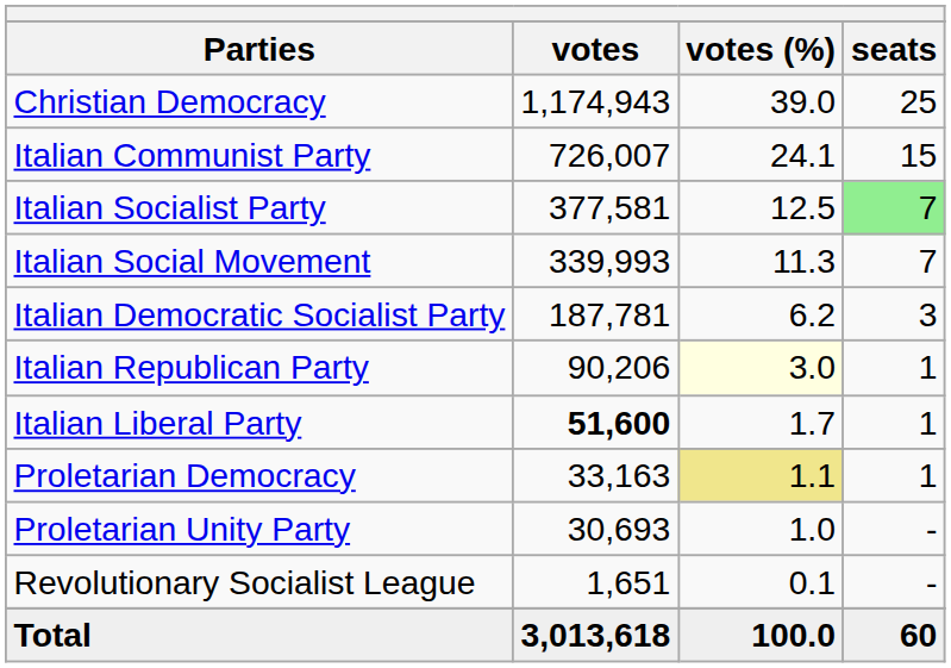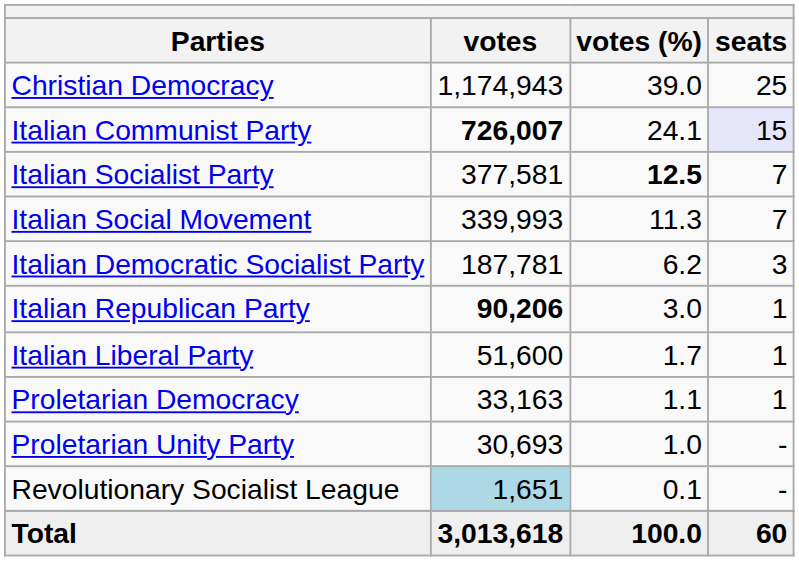 <table class="wikitable" style="font-size:95%">
 <tr>
 <th colspan=4></th>
 </tr>
 <tr>
 </tr>
 <tr bgcolor="EFEFEF">
 <th>Parties</th>
 <th>votes</th>
 <th>votes (%)</th>
 <th>seats</th>
 </tr>
 <tr>
 <td><a href='#'>Christian Democracy</a></td>
 <td align=right>1,174,943</td>
 <td align=right>39.0</td>
 <td align=right>25</td>
 </tr>
 <tr>
 <td><a href='#'>Italian Communist Party</a></td>
-<td align=right>726,007</td>
+<td align=right><strong>726,007</strong></td>
 <td align=right>24.1</td>
-<td align=right>15</td>
+<td align=right style="background: lavender;">15</td>
 </tr>
 <tr>
 <td><a href='#'>Italian Socialist Party</a></td>
 <td align=right>377,581</td>
-<td align=right>12.5</td>
-<td align=right style="background: lightgreen;">7</td>
+<td align=right><strong>12.5</strong></td>
+<td align=right>7</td>
 </tr>
 <tr>
 <td><a href='#'>Italian Social Movement</a></td>
 <td align=right>339,993</td>
 <td align=right>11.3</td>
 <td align=right>7</td>
 </tr>
 <tr>
 <td><a href='#'>Italian Democratic Socialist Party</a></td>
 <td align=right>187,781</td>
 <td align=right>6.2</td>
 <td align=right>3</td>
 </tr>
 <tr>
 <td><a href='#'>Italian Republican Party</a></td>
-<td align=right>90,206</td>
-<td align=right style="background: lightyellow;">3.0</td>
+<td align=right><strong>90,206</strong></td>
+<td align=right>3.0</td>
 <td align=right>1</td>
 </tr>
 <tr>
 <td><a href='#'>Italian Liberal Party</a></td>
-<td align=right><strong>51,600</strong></td>
+<td align=right>51,600</td>
 <td align=right>1.7</td>
 <td align=right>1</td>
 </tr>
 <tr>
 <td><a href='#'>Proletarian Democracy</a></td>
 <td align=right>33,163</td>
-<td align=right style="background: khaki;">1.1</td>
+<td align=right>1.1</td>
 <td align=right>1</td>
 </tr>
 <tr>
 <td><a href='#'>Proletarian Unity Party</a></td>
 <td align=right>30,693</td>
 <td align=right>1.0</td>
 <td align=right>-</td>
 </tr>
 <tr>
 <td>Revolutionary Socialist League</td>
-<td align=right>1,651</td>
+<td align=right style="background: lightblue;">1,651</td>
 <td align=right>0.1</td>
 <td align=right>-</td>
 </tr>
 <tr>
 </tr>
 <tr bgcolor="EFEFEF">
 <td><strong>Total</strong></td>
 <td align=right><strong>3,013,618</strong></td>
 <td align=right><strong>100.0</strong></td>
 <td align=right><strong>60</strong></td>
 </tr>
 </table>
